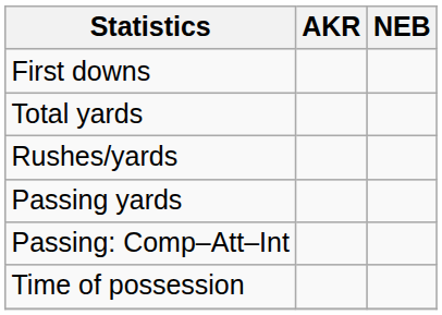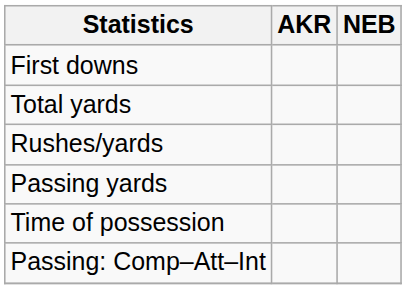 <table class="wikitable" style="float: left;">
 <tr>
 <th>Statistics</th>
 <th>AKR</th>
 <th>NEB</th>
 </tr>
 <tr>
 <td>First downs</td>
 <td></td>
 <td></td>
 </tr>
 <tr>
 <td>Total yards</td>
 <td></td>
 <td></td>
 </tr>
 <tr>
 <td>Rushes/yards</td>
 <td></td>
 <td></td>
 </tr>
 <tr>
 <td>Passing yards</td>
 <td></td>
 <td></td>
 </tr>
 <tr>
-<td>Passing: Comp–Att–Int</td>
+<td>Time of possession</td>
 <td></td>
 <td></td>
 </tr>
 <tr>
-<td>Time of possession</td>
+<td>Passing: Comp–Att–Int</td>
 <td></td>
 <td></td>
 </tr>
 <tr>
 </tr>
 </table>
